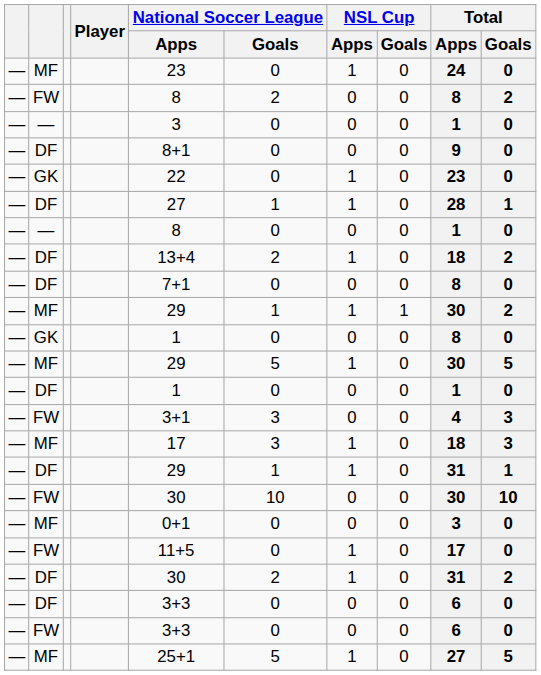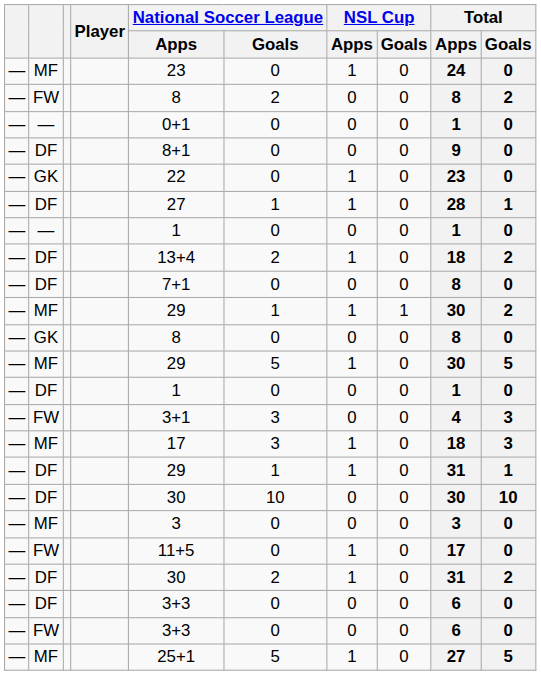 <table class="wikitable sortable" style="text-align:center">
 <tr>
 <th rowspan="2"></th>
 <th rowspan="2"></th>
 <th rowspan="2"></th>
 <th rowspan="2">Player</th>
 <th colspan="2"><a href='#'>National Soccer League</a></th>
 <th colspan="2"><a href='#'>NSL Cup</a></th>
 <th colspan="2">Total</th>
 </tr>
 <tr>
 <th>Apps</th>
 <th>Goals</th>
 <th>Apps</th>
 <th>Goals</th>
 <th>Apps</th>
 <th>Goals</th>
 </tr>
 <tr>
 <td>—</td>
 <td>MF</td>
 <td></td>
 <td align="left"><br></td>
 <td>23</td>
 <td>0<br></td>
 <td>1</td>
 <td>0<br></td>
 <th>24</th>
 <th>0</th>
 </tr>
 <tr>
 <td>—</td>
 <td>FW</td>
 <td></td>
 <td align="left"><br></td>
 <td>8</td>
 <td>2<br></td>
 <td>0</td>
 <td>0<br></td>
 <th>8</th>
 <th>2</th>
 </tr>
 <tr>
 <td>—</td>
 <td>—</td>
 <td></td>
 <td align="left"><br></td>
-<td>3</td>
+<td>0+1</td>
 <td>0<br></td>
 <td>0</td>
 <td>0<br></td>
 <th>1</th>
 <th>0</th>
 </tr>
 <tr>
 <td>—</td>
 <td>DF</td>
 <td></td>
 <td align="left"><br></td>
 <td>8+1</td>
 <td>0<br></td>
 <td>0</td>
 <td>0<br></td>
 <th>9</th>
 <th>0</th>
 </tr>
 <tr>
 <td>—</td>
 <td>GK</td>
 <td></td>
 <td align="left"><br></td>
 <td>22</td>
 <td>0<br></td>
 <td>1</td>
 <td>0<br></td>
 <th>23</th>
 <th>0</th>
 </tr>
 <tr>
 <td>—</td>
 <td>DF</td>
 <td></td>
 <td align="left"><br></td>
 <td>27</td>
 <td>1<br></td>
 <td>1</td>
 <td>0<br></td>
 <th>28</th>
 <th>1</th>
 </tr>
 <tr>
 <td>—</td>
 <td>—</td>
 <td></td>
 <td align="left"><br></td>
-<td>8</td>
+<td>1</td>
 <td>0<br></td>
 <td>0</td>
 <td>0<br></td>
 <th>1</th>
 <th>0</th>
 </tr>
 <tr>
 <td>—</td>
 <td>DF</td>
 <td></td>
 <td align="left"><br></td>
 <td>13+4</td>
 <td>2<br></td>
 <td>1</td>
 <td>0<br></td>
 <th>18</th>
 <th>2</th>
 </tr>
 <tr>
 <td>—</td>
 <td>DF</td>
 <td></td>
 <td align="left"><br></td>
 <td>7+1</td>
 <td>0<br></td>
 <td>0</td>
 <td>0<br></td>
 <th>8</th>
 <th>0</th>
 </tr>
 <tr>
 <td>—</td>
 <td>MF</td>
 <td></td>
 <td align="left"><br></td>
 <td>29</td>
 <td>1<br></td>
 <td>1</td>
 <td>1<br></td>
 <th>30</th>
 <th>2</th>
 </tr>
 <tr>
 <td>—</td>
 <td>GK</td>
 <td></td>
 <td align="left"><br></td>
-<td>1</td>
+<td>8</td>
 <td>0<br></td>
 <td>0</td>
 <td>0<br></td>
 <th>8</th>
 <th>0</th>
 </tr>
 <tr>
 <td>—</td>
 <td>MF</td>
 <td></td>
 <td align="left"><br></td>
 <td>29</td>
 <td>5<br></td>
 <td>1</td>
 <td>0<br></td>
 <th>30</th>
 <th>5</th>
 </tr>
 <tr>
 <td>—</td>
 <td>DF</td>
 <td></td>
 <td align="left"><br></td>
 <td>1</td>
 <td>0<br></td>
 <td>0</td>
 <td>0<br></td>
 <th>1</th>
 <th>0</th>
 </tr>
 <tr>
 <td>—</td>
 <td>FW</td>
 <td></td>
 <td align="left"><br></td>
 <td>3+1</td>
 <td>3<br></td>
 <td>0</td>
 <td>0<br></td>
 <th>4</th>
 <th>3</th>
 </tr>
 <tr>
 <td>—</td>
 <td>MF</td>
 <td></td>
 <td align="left"><br></td>
 <td>17</td>
 <td>3<br></td>
 <td>1</td>
 <td>0<br></td>
 <th>18</th>
 <th>3</th>
 </tr>
 <tr>
 <td>—</td>
 <td>DF</td>
 <td></td>
 <td align="left"><br></td>
 <td>29</td>
 <td>1<br></td>
 <td>1</td>
 <td>0<br></td>
 <th>31</th>
 <th>1</th>
 </tr>
 <tr>
 <td>—</td>
-<td>FW</td>
+<td>DF</td>
 <td></td>
 <td align="left"><br></td>
 <td>30</td>
 <td>10<br></td>
 <td>0</td>
 <td>0<br></td>
 <th>30</th>
 <th>10</th>
 </tr>
 <tr>
 <td>—</td>
 <td>MF</td>
 <td></td>
 <td align="left"><br></td>
-<td>0+1</td>
+<td>3</td>
 <td>0<br></td>
 <td>0</td>
 <td>0<br></td>
 <th>3</th>
 <th>0</th>
 </tr>
 <tr>
 <td>—</td>
 <td>FW</td>
 <td></td>
 <td align="left"><br></td>
 <td>11+5</td>
 <td>0<br></td>
 <td>1</td>
 <td>0<br></td>
 <th>17</th>
 <th>0</th>
 </tr>
 <tr>
 <td>—</td>
 <td>DF</td>
 <td></td>
 <td align="left"><br></td>
 <td>30</td>
 <td>2<br></td>
 <td>1</td>
 <td>0<br></td>
 <th>31</th>
 <th>2</th>
 </tr>
 <tr>
 <td>—</td>
 <td>DF</td>
 <td></td>
 <td align="left"><br></td>
 <td>3+3</td>
 <td>0<br></td>
 <td>0</td>
 <td>0<br></td>
 <th>6</th>
 <th>0</th>
 </tr>
 <tr>
 <td>—</td>
 <td>FW</td>
 <td></td>
 <td align="left"><br></td>
 <td>3+3</td>
 <td>0<br></td>
 <td>0</td>
 <td>0<br></td>
 <th>6</th>
 <th>0</th>
 </tr>
 <tr>
 <td>—</td>
 <td>MF</td>
 <td></td>
 <td align="left"><br></td>
 <td>25+1</td>
 <td>5<br></td>
 <td>1</td>
 <td>0<br></td>
 <th>27</th>
 <th>5</th>
 </tr>
 </table>
